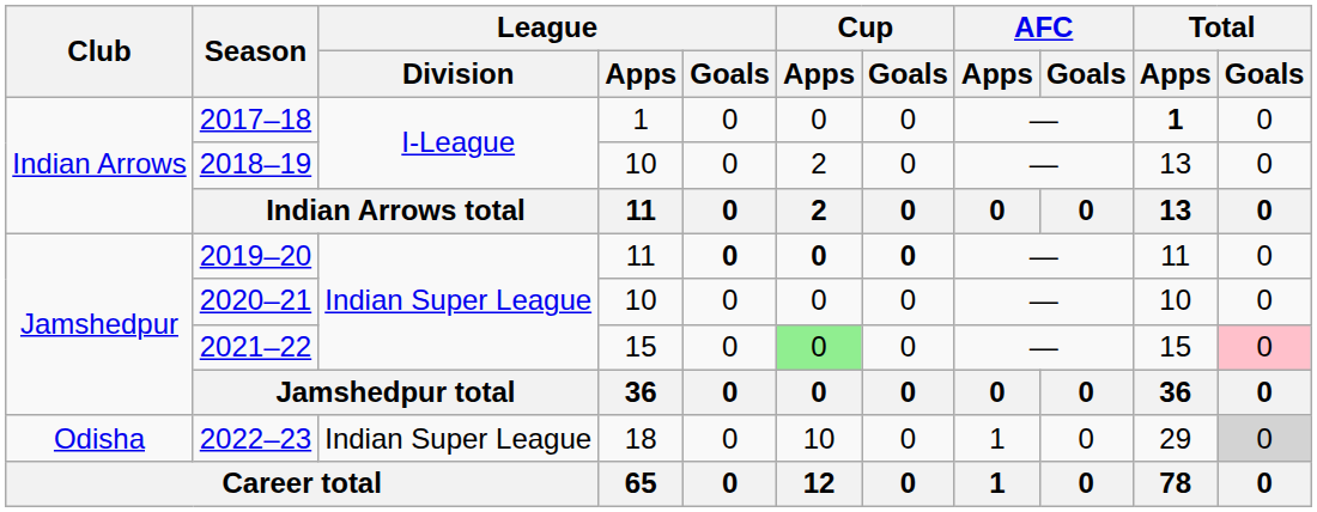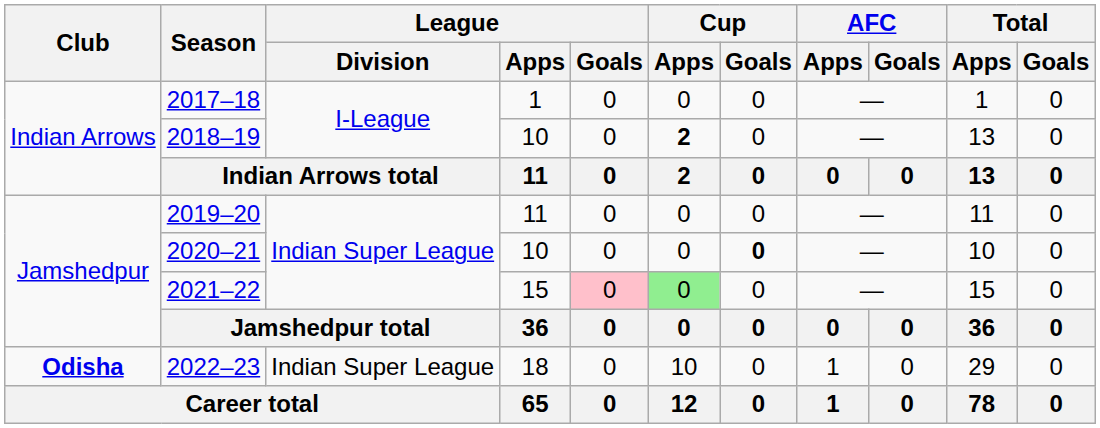 <table class="wikitable" style="text-align: center">
 <tr>
 <th rowspan="2">Club</th>
 <th rowspan="2">Season</th>
 <th colspan="3">League</th>
 <th colspan="2">Cup</th>
 <th colspan="2"><a href='#'>AFC</a></th>
 <th colspan="2">Total</th>
 </tr>
 <tr>
 <th>Division</th>
 <th>Apps</th>
 <th>Goals</th>
 <th>Apps</th>
 <th>Goals</th>
 <th>Apps</th>
 <th>Goals</th>
 <th>Apps</th>
 <th>Goals</th>
 </tr>
 <tr>
 <td rowspan="3"><a href='#'>Indian Arrows</a></td>
 <td><a href='#'>2017–18</a></td>
 <td rowspan="2"><a href='#'>I-League</a></td>
 <td>1</td>
 <td>0</td>
 <td>0</td>
 <td>0</td>
 <td colspan="2">—</td>
-<td><strong>1</strong></td>
+<td>1</td>
 <td>0</td>
 </tr>
 <tr>
 <td><a href='#'>2018–19</a></td>
 <td>10</td>
 <td>0</td>
-<td>2</td>
+<td><strong>2</strong></td>
 <td>0</td>
 <td colspan="2">—</td>
 <td>13</td>
 <td>0</td>
 </tr>
 <tr>
 <th colspan="2">Indian Arrows total</th>
 <th>11</th>
 <th>0</th>
 <th>2</th>
 <th>0</th>
 <th>0</th>
 <th>0</th>
 <th>13</th>
 <th>0</th>
 </tr>
 <tr>
 <td rowspan="4"><a href='#'>Jamshedpur</a></td>
 <td><a href='#'>2019–20</a></td>
 <td rowspan="3"><a href='#'>Indian Super League</a></td>
 <td>11</td>
-<td><strong>0</strong></td>
-<td><strong>0</strong></td>
-<td><strong>0</strong></td>
+<td>0</td>
+<td>0</td>
+<td>0</td>
 <td colspan="2">—</td>
 <td>11</td>
 <td>0</td>
 </tr>
 <tr>
 <td><a href='#'>2020–21</a></td>
 <td>10</td>
 <td>0</td>
 <td>0</td>
-<td>0</td>
+<td><strong>0</strong></td>
 <td colspan="2">—</td>
 <td>10</td>
 <td>0</td>
 </tr>
 <tr>
 <td><a href='#'>2021–22</a></td>
 <td>15</td>
-<td>0</td>
+<td style="background: pink;">0</td>
 <td style="background: lightgreen;">0</td>
 <td>0</td>
 <td colspan="2">—</td>
 <td>15</td>
-<td style="background: pink;">0</td>
+<td>0</td>
 </tr>
 <tr>
 <th colspan="2">Jamshedpur total</th>
 <th>36</th>
 <th>0</th>
 <th>0</th>
 <th>0</th>
 <th>0</th>
 <th>0</th>
 <th>36</th>
 <th>0</th>
 </tr>
 <tr>
-<td rowspan="1"><a href='#'>Odisha</a></td>
+<td rowspan="1"><strong><a href='#'>Odisha</a></strong></td>
 <td><a href='#'>2022–23</a></td>
 <td rowspan="1">Indian Super League</td>
 <td>18</td>
 <td>0</td>
 <td>10</td>
 <td>0</td>
 <td>1</td>
 <td>0</td>
 <td>29</td>
-<td style="background: lightgrey;">0</td>
+<td>0</td>
 </tr>
 <tr>
 <th colspan="3">Career total</th>
 <th>65</th>
 <th>0</th>
 <th>12</th>
 <th>0</th>
 <th>1</th>
 <th>0</th>
 <th>78</th>
 <th>0</th>
 </tr>
 </table>
